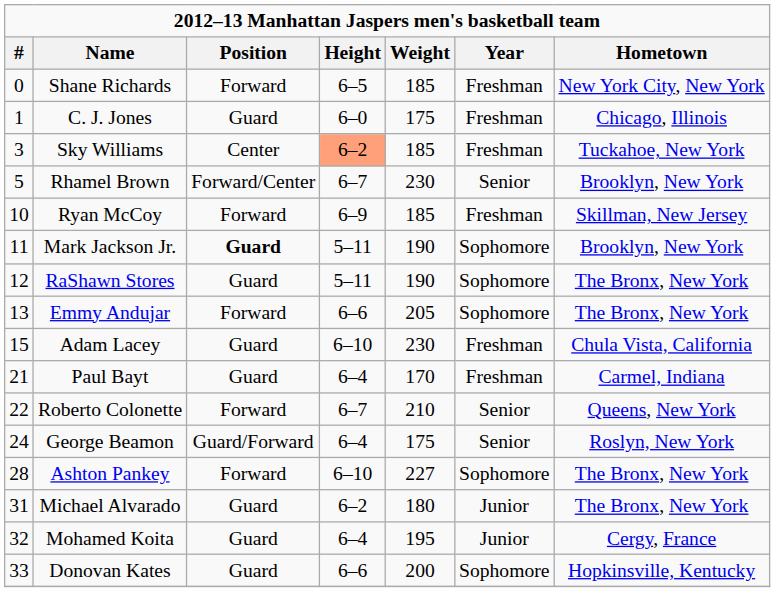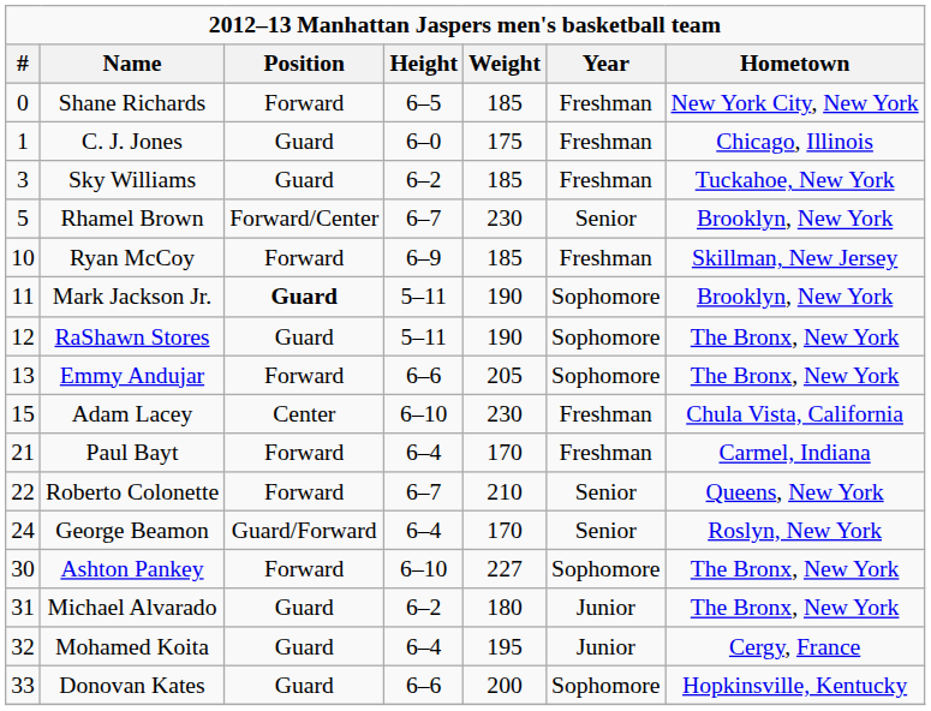 <table class="wikitable sortable" style="font-size: 95%; text-align:center;">
 <tr>
 <td colspan="7"><strong>2012–13 Manhattan Jaspers men's basketball team</strong></td>
 </tr>
 <tr>
 <th>#</th>
 <th>Name</th>
 <th>Position</th>
 <th>Height</th>
 <th>Weight</th>
 <th>Year</th>
 <th>Hometown</th>
 </tr>
 <tr>
 <td>0</td>
 <td>Shane Richards</td>
 <td>Forward</td>
 <td>6–5</td>
 <td>185</td>
 <td>Freshman</td>
 <td><a href='#'>New York City</a>, <a href='#'>New York</a></td>
 </tr>
 <tr>
 <td>1</td>
 <td>C. J. Jones</td>
 <td>Guard</td>
 <td>6–0</td>
 <td>175</td>
 <td>Freshman</td>
 <td><a href='#'>Chicago</a>, <a href='#'>Illinois</a></td>
 </tr>
 <tr>
 <td>3</td>
 <td>Sky Williams</td>
-<td>Center</td>
-<td style="background: lightsalmon;">6–2</td>
+<td>Guard</td>
+<td>6–2</td>
 <td>185</td>
 <td>Freshman</td>
 <td><a href='#'>Tuckahoe, New York</a></td>
 </tr>
 <tr>
 <td>5</td>
 <td>Rhamel Brown</td>
 <td>Forward/Center</td>
 <td>6–7</td>
 <td>230</td>
 <td>Senior</td>
 <td><a href='#'>Brooklyn</a>, <a href='#'>New York</a></td>
 </tr>
 <tr>
 <td>10</td>
 <td>Ryan McCoy</td>
 <td>Forward</td>
 <td>6–9</td>
 <td>185</td>
 <td>Freshman</td>
 <td><a href='#'>Skillman, New Jersey</a></td>
 </tr>
 <tr>
 <td>11</td>
 <td>Mark Jackson Jr.</td>
 <td><strong>Guard</strong></td>
 <td>5–11</td>
 <td>190</td>
 <td>Sophomore</td>
 <td><a href='#'>Brooklyn</a>, <a href='#'>New York</a></td>
 </tr>
 <tr>
 <td>12</td>
 <td><a href='#'>RaShawn Stores</a></td>
 <td>Guard</td>
 <td>5–11</td>
 <td>190</td>
 <td>Sophomore</td>
 <td><a href='#'>The Bronx</a>, <a href='#'>New York</a></td>
 </tr>
 <tr>
 <td>13</td>
 <td><a href='#'>Emmy Andujar</a></td>
 <td>Forward</td>
 <td>6–6</td>
 <td>205</td>
 <td>Sophomore</td>
 <td><a href='#'>The Bronx</a>, <a href='#'>New York</a></td>
 </tr>
 <tr>
 <td>15</td>
 <td>Adam Lacey</td>
-<td>Guard</td>
+<td>Center</td>
 <td>6–10</td>
 <td>230</td>
 <td>Freshman</td>
 <td><a href='#'>Chula Vista, California</a></td>
 </tr>
 <tr>
 <td>21</td>
 <td>Paul Bayt</td>
-<td>Guard</td>
+<td>Forward</td>
 <td>6–4</td>
 <td>170</td>
 <td>Freshman</td>
 <td><a href='#'>Carmel, Indiana</a></td>
 </tr>
 <tr>
 <td>22</td>
 <td>Roberto Colonette</td>
 <td>Forward</td>
 <td>6–7</td>
 <td>210</td>
 <td>Senior</td>
 <td><a href='#'>Queens</a>, <a href='#'>New York</a></td>
 </tr>
 <tr>
 <td>24</td>
 <td>George Beamon</td>
 <td>Guard/Forward</td>
 <td>6–4</td>
-<td>175</td>
+<td>170</td>
 <td>Senior</td>
 <td><a href='#'>Roslyn, New York</a></td>
 </tr>
 <tr>
-<td>28</td>
+<td>30</td>
 <td><a href='#'>Ashton Pankey</a></td>
 <td>Forward</td>
 <td>6–10</td>
 <td>227</td>
 <td>Sophomore</td>
 <td><a href='#'>The Bronx</a>, <a href='#'>New York</a></td>
 </tr>
 <tr>
 <td>31</td>
 <td>Michael Alvarado</td>
 <td>Guard</td>
 <td>6–2</td>
 <td>180</td>
 <td>Junior</td>
 <td><a href='#'>The Bronx</a>, <a href='#'>New York</a></td>
 </tr>
 <tr>
 <td>32</td>
 <td>Mohamed Koita</td>
 <td>Guard</td>
 <td>6–4</td>
 <td>195</td>
 <td>Junior</td>
 <td><a href='#'>Cergy</a>, <a href='#'>France</a></td>
 </tr>
 <tr>
 <td>33</td>
 <td>Donovan Kates</td>
 <td>Guard</td>
 <td>6–6</td>
 <td>200</td>
 <td>Sophomore</td>
 <td><a href='#'>Hopkinsville, Kentucky</a></td>
 </tr>
 <tr>
 </tr>
 </table>
